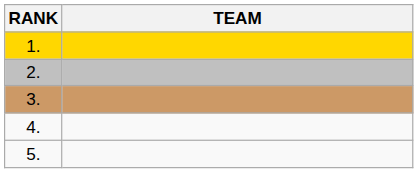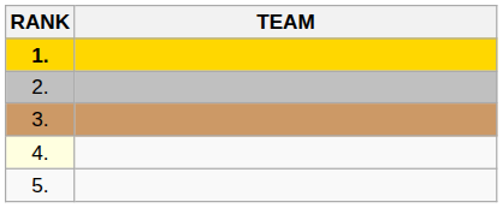 <table class="wikitable" style="border-collapse: collapse; font-size: 90%;">
 <tr>
 <th>RANK</th>
 <th align="center" style="width: 20em">TEAM</th>
 </tr>
 <tr bgcolor=gold>
-<td align="center">1.</td>
+<td align="center"><strong>1.</strong></td>
 <td></td>
 </tr>
 <tr bgcolor=silver>
 <td align="center">2.</td>
 <td></td>
 </tr>
 <tr bgcolor=#cc9966>
 <td align="center">3.</td>
 <td></td>
 </tr>
 <tr>
-<td align="center">4.</td>
+<td align="center" style="background: lightyellow;">4.</td>
 <td></td>
 </tr>
 <tr>
 <td align="center">5.</td>
 <td></td>
 </tr>
 </table>
